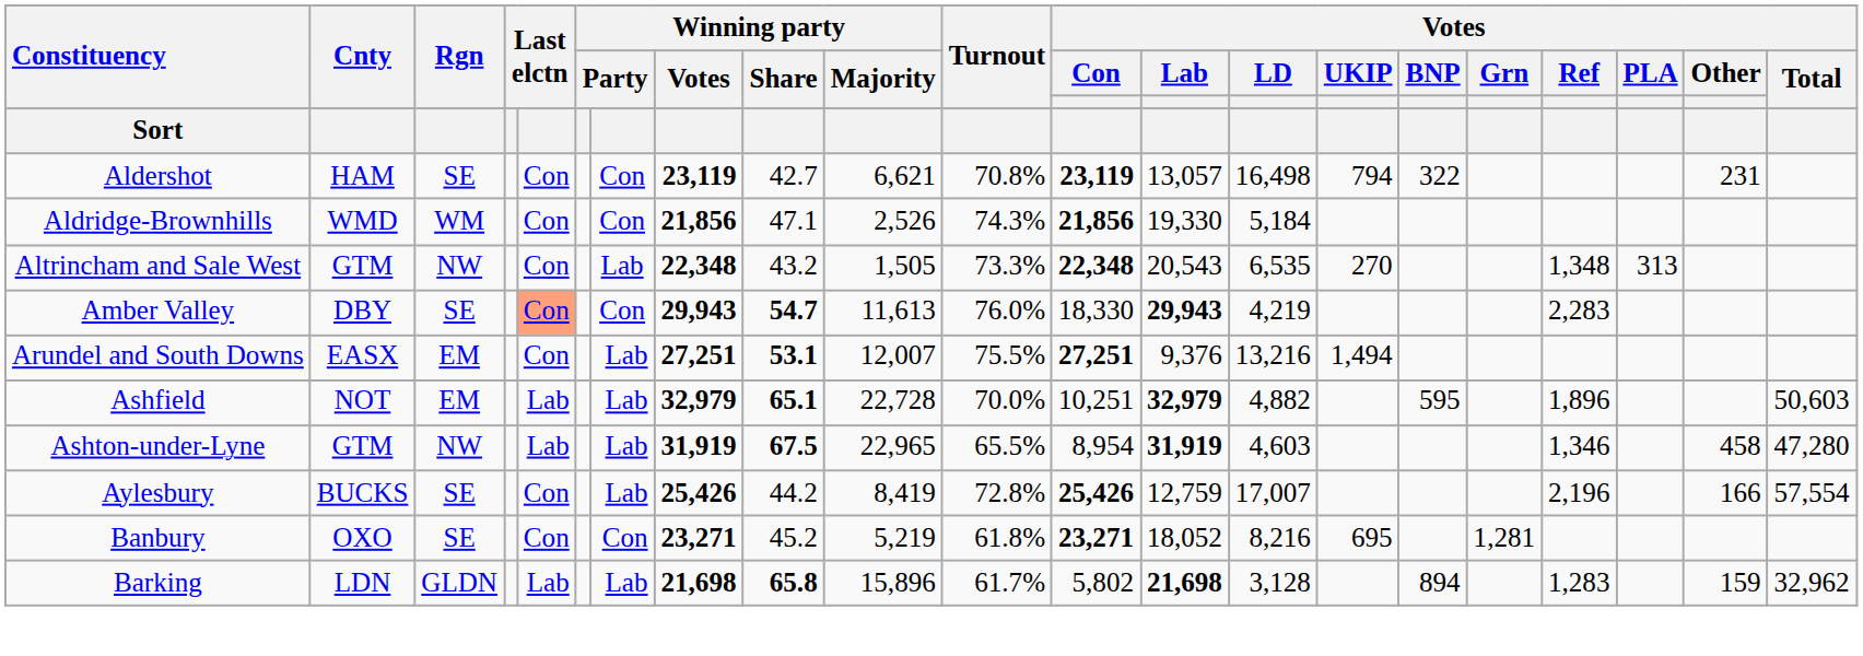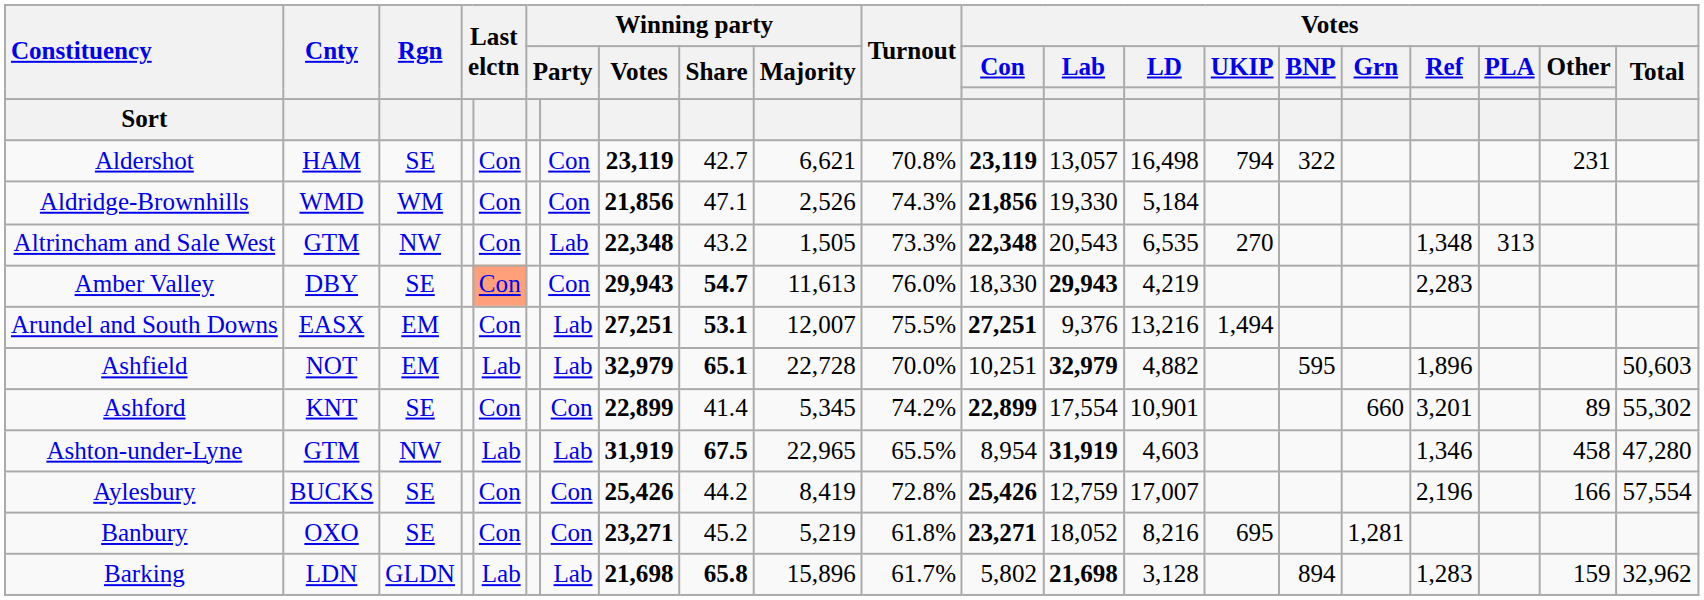 <table class="wikitable sortable" style="text-align:right; font-size:80%">
 <tr>
 <th rowspan="3" scope="col" style="text-align:left;"><a href='#'>Constituency</a></th>
 <th rowspan="3" scope="col"><a href='#'>Cnty</a></th>
 <th rowspan="3" scope="col"><a href='#'>Rgn</a></th>
 <th colspan="2" rowspan="3" scope="col">Last<br>elctn</th>
 <th colspan="5" scope="col">Winning party</th>
 <th rowspan="3" scope="col">Turnout</th>
 <th colspan="10" scope="col">Votes</th>
 </tr>
 <tr>
 <th colspan="2" rowspan="2" scope="col">Party</th>
 <th rowspan="2" scope="col">Votes</th>
 <th rowspan="2" scope="col">Share</th>
 <th rowspan="2" scope="col">Majority</th>
 <th scope="col"><a href='#'>Con</a></th>
 <th scope="col"><a href='#'>Lab</a></th>
 <th scope="col"><a href='#'>LD</a></th>
 <th scope="col"><a href='#'>UKIP</a></th>
 <th scope="col"><a href='#'>BNP</a></th>
 <th scope="col"><a href='#'>Grn</a></th>
 <th scope="col"><a href='#'>Ref</a></th>
 <th><a href='#'>PLA</a></th>
 <th scope="col">Other</th>
 <th rowspan="2" scope="col">Total</th>
 </tr>
 <tr>
 <th scope="col" style="background:"></th>
 <th scope="col" style="background:"></th>
 <th scope="col" style="background:"></th>
 <th scope="col" style="background:"></th>
 <th scope="col" style="background:"></th>
 <th scope="col" style="background:"></th>
 <th></th>
 <th></th>
 <th></th>
 </tr>
 <tr>
 <th>Sort</th>
 <th></th>
 <th></th>
 <th class="unsortable" scope="col"></th>
 <th></th>
 <th class="unsortable" scope="col"></th>
 <th></th>
 <th></th>
 <th></th>
 <th></th>
 <th></th>
 <th></th>
 <th></th>
 <th></th>
 <th></th>
 <th></th>
 <th></th>
 <th></th>
 <th></th>
 <th></th>
 <th></th>
 </tr>
 <tr>
 <td style="text-align:center;"><a href='#'>Aldershot</a></td>
 <td style="text-align:center;"><a href='#'>HAM</a></td>
 <td style="text-align:center;"><a href='#'>SE</a></td>
 <td style="background:"></td>
 <td><a href='#'>Con</a></td>
 <td style="background:"></td>
 <td style="text-align:center;"><a href='#'>Con</a></td>
 <td><strong>23,119</strong></td>
 <td>42.7</td>
 <td>6,621</td>
 <td>70.8%</td>
 <td><strong>23,119</strong></td>
 <td>13,057</td>
 <td>16,498</td>
 <td>794</td>
 <td>322</td>
 <td></td>
 <td></td>
 <td></td>
 <td>231</td>
 <td></td>
 </tr>
 <tr>
 <td style="text-align:center;"><a href='#'>Aldridge-Brownhills</a></td>
 <td style="text-align:center;"><a href='#'>WMD</a></td>
 <td style="text-align:center;"><a href='#'>WM</a></td>
 <td style="background:"></td>
 <td><a href='#'>Con</a></td>
 <td style="background:"></td>
 <td style="text-align:center;"><a href='#'>Con</a></td>
 <td><strong>21,856</strong></td>
 <td>47.1</td>
 <td>2,526</td>
 <td>74.3%</td>
 <td><strong>21,856</strong></td>
 <td>19,330</td>
 <td>5,184</td>
 <td></td>
 <td></td>
 <td></td>
 <td></td>
 <td></td>
 <td></td>
 <td></td>
 </tr>
 <tr>
 <td style="text-align:center;"><a href='#'>Altrincham and Sale West</a></td>
 <td style="text-align:center;"><a href='#'>GTM</a></td>
 <td style="text-align:center;"><a href='#'>NW</a></td>
 <td style="background:"></td>
 <td><a href='#'>Con</a></td>
 <td style="background:"></td>
 <td style="text-align:center;"><a href='#'>Lab</a></td>
 <td><strong>22,348</strong></td>
 <td>43.2</td>
 <td>1,505</td>
 <td>73.3%</td>
 <td><strong>22,348</strong></td>
 <td>20,543</td>
 <td>6,535</td>
 <td>270</td>
 <td></td>
 <td></td>
 <td>1,348</td>
 <td>313</td>
 <td></td>
 <td></td>
 </tr>
 <tr>
 <td style="text-align:center;"><a href='#'>Amber Valley</a></td>
 <td style="text-align:center;"><a href='#'>DBY</a></td>
 <td style="text-align:center;"><a href='#'>SE</a></td>
 <td style="background:"></td>
 <td style="background: lightsalmon; text-align:center;"><a href='#'>Con</a></td>
 <td style="background:"></td>
 <td style="text-align:center;"><a href='#'>Con</a></td>
 <td><strong>29,943</strong></td>
 <td><strong>54.7</strong></td>
 <td>11,613</td>
 <td>76.0%</td>
 <td>18,330</td>
 <td><strong>29,943</strong></td>
 <td>4,219</td>
 <td></td>
 <td></td>
 <td></td>
 <td>2,283</td>
 <td></td>
 <td></td>
 <td></td>
 </tr>
 <tr>
 <td style="text-align:center;"><a href='#'>Arundel and South Downs</a></td>
 <td style="text-align:center;"><a href='#'>EASX</a></td>
 <td style="text-align:center;"><a href='#'>EM</a></td>
 <td style="background:"></td>
 <td><a href='#'>Con</a></td>
 <td style="background:"></td>
 <td><a href='#'>Lab</a></td>
 <td><strong>27,251</strong></td>
 <td><strong>53.1</strong></td>
 <td>12,007</td>
 <td>75.5%</td>
 <td><strong>27,251</strong></td>
 <td>9,376</td>
 <td>13,216</td>
 <td>1,494</td>
 <td></td>
 <td></td>
 <td></td>
 <td></td>
 <td></td>
 <td></td>
 </tr>
 <tr>
 <td style="text-align:center;"><a href='#'>Ashfield</a></td>
 <td style="text-align:center;"><a href='#'>NOT</a></td>
 <td style="text-align:center;"><a href='#'>EM</a></td>
 <td style="background:"></td>
 <td><a href='#'>Lab</a></td>
 <td style="background:"></td>
 <td><a href='#'>Lab</a></td>
 <td><strong>32,979</strong></td>
 <td><strong>65.1</strong></td>
 <td>22,728</td>
 <td>70.0%</td>
 <td>10,251</td>
 <td><strong>32,979</strong></td>
 <td>4,882</td>
 <td></td>
 <td>595</td>
 <td></td>
 <td>1,896</td>
 <td></td>
 <td></td>
 <td>50,603</td>
 </tr>
 <tr>
+<td style="text-align:center;"><a href='#'>Ashford</a></td>
+<td style="text-align:center;"><a href='#'>KNT</a></td>
+<td style="text-align:center;"><a href='#'>SE</a></td>
+<td style="background:"></td>
+<td><a href='#'>Con</a></td>
+<td style="background:"></td>
+<td><a href='#'>Con</a></td>
+<td><strong>22,899</strong></td>
+<td>41.4</td>
+<td>5,345</td>
+<td>74.2%</td>
+<td><strong>22,899</strong></td>
+<td>17,554</td>
+<td>10,901</td>
+<td></td>
+<td></td>
+<td>660</td>
+<td>3,201</td>
+<td></td>
+<td>89</td>
+<td>55,302</td>
+</tr>
+<tr>
 <td style="text-align:center;"><a href='#'>Ashton-under-Lyne</a></td>
 <td style="text-align:center;"><a href='#'>GTM</a></td>
 <td style="text-align:center;"><a href='#'>NW</a></td>
 <td style="background:"></td>
 <td><a href='#'>Lab</a></td>
 <td style="background:"></td>
 <td><a href='#'>Lab</a></td>
 <td><strong>31,919</strong></td>
 <td><strong>67.5</strong></td>
 <td>22,965</td>
 <td>65.5%</td>
 <td>8,954</td>
 <td><strong>31,919</strong></td>
 <td>4,603</td>
 <td></td>
 <td></td>
 <td></td>
 <td>1,346</td>
 <td></td>
 <td>458</td>
 <td>47,280</td>
 </tr>
 <tr>
 <td style="text-align:center;"><a href='#'>Aylesbury</a></td>
 <td style="text-align:center;"><a href='#'>BUCKS</a></td>
 <td style="text-align:center;"><a href='#'>SE</a></td>
 <td style="background:"></td>
 <td><a href='#'>Con</a></td>
 <td style="background:"></td>
-<td><a href='#'>Lab</a></td>
+<td><a href='#'>Con</a></td>
 <td><strong>25,426</strong></td>
 <td>44.2</td>
 <td>8,419</td>
 <td>72.8%</td>
 <td><strong>25,426</strong></td>
 <td>12,759</td>
 <td>17,007</td>
 <td></td>
 <td></td>
 <td></td>
 <td>2,196</td>
 <td></td>
 <td>166</td>
 <td>57,554</td>
 </tr>
 <tr>
 <td style="text-align:center;"><a href='#'>Banbury</a></td>
 <td style="text-align:center;"><a href='#'>OXO</a></td>
 <td style="text-align:center;"><a href='#'>SE</a></td>
 <td style="background:"></td>
 <td><a href='#'>Con</a></td>
 <td style="background:"></td>
 <td><a href='#'>Con</a></td>
 <td><strong>23,271</strong></td>
 <td>45.2</td>
 <td>5,219</td>
 <td>61.8%</td>
 <td><strong>23,271</strong></td>
 <td>18,052</td>
 <td>8,216</td>
 <td>695</td>
 <td></td>
 <td>1,281</td>
 <td></td>
 <td></td>
 <td></td>
 <td></td>
 </tr>
 <tr>
 <td style="text-align:center;"><a href='#'>Barking</a></td>
 <td style="text-align:center;"><a href='#'>LDN</a></td>
 <td style="text-align:center;"><a href='#'>GLDN</a></td>
 <td style="background:"></td>
 <td><a href='#'>Lab</a></td>
 <td style="background:"></td>
 <td><a href='#'>Lab</a></td>
 <td><strong>21,698</strong></td>
 <td><strong>65.8</strong></td>
 <td>15,896</td>
 <td>61.7%</td>
 <td>5,802</td>
 <td><strong>21,698</strong></td>
 <td>3,128</td>
 <td></td>
 <td>894</td>
 <td></td>
 <td>1,283</td>
 <td></td>
 <td>159</td>
 <td>32,962</td>
 </tr>
 </table>
